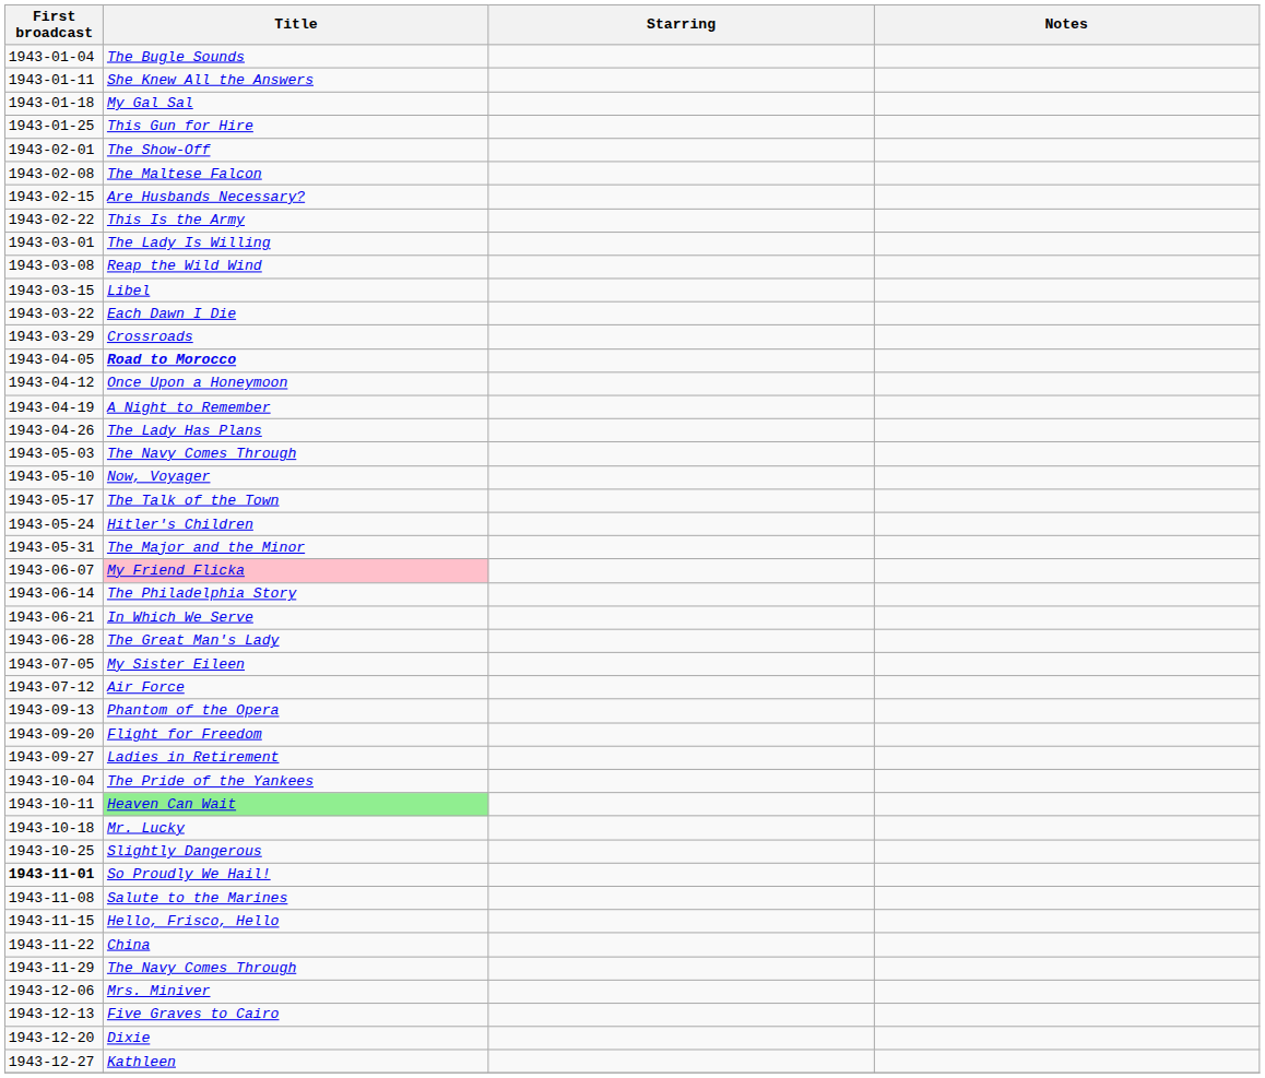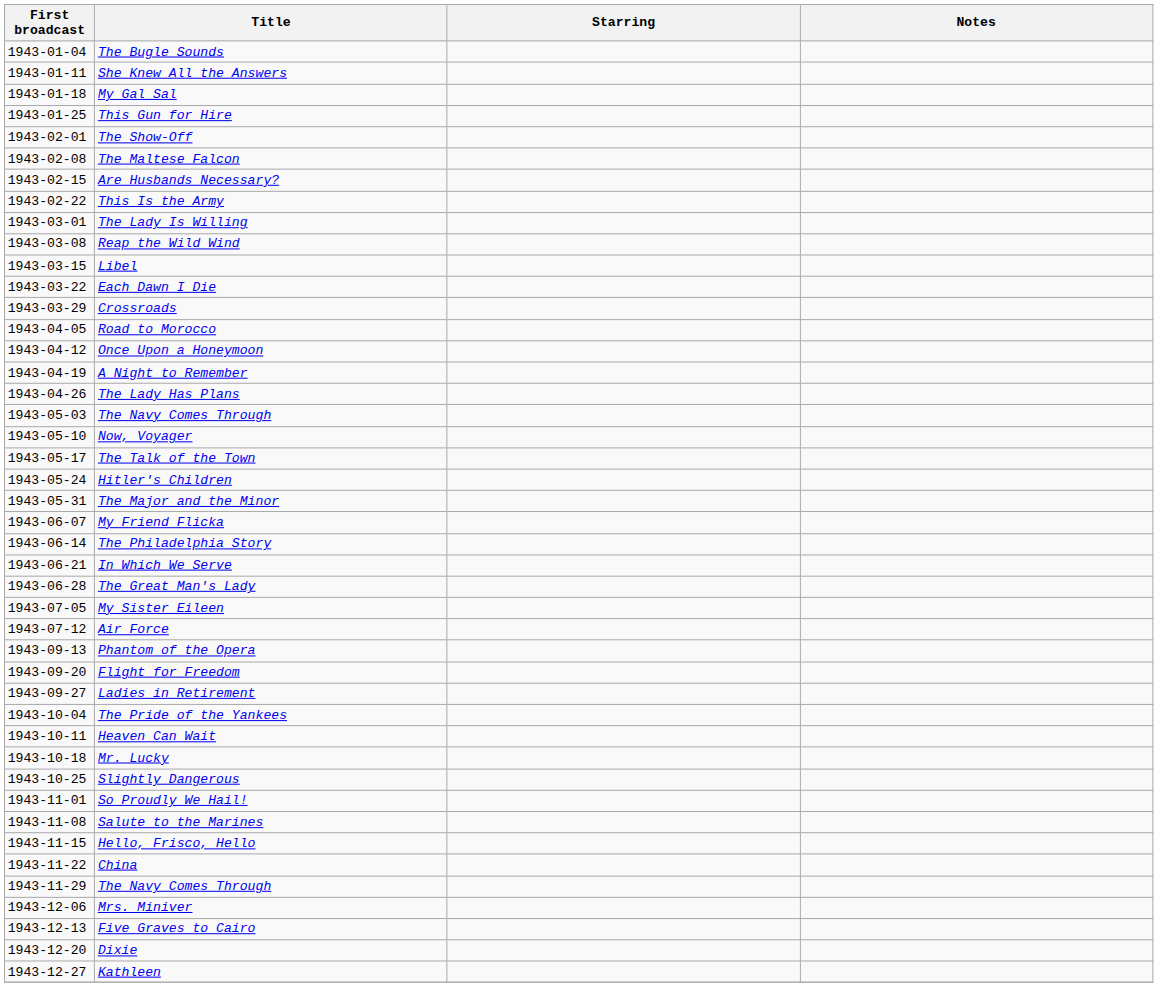 <table class="wikitable sortable plainrowheaders" width=90%>
 <tr>
 <th width=5% scope="col">First broadcast</th>
 <th width=25% scope="col">Title</th>
 <th width=25% scope="col">Starring</th>
 <th width=25% scope="col">Notes</th>
 </tr>
 <tr>
 <td rowspan=>1943-01-04</td>
 <td scope="row"><em><a href='#'>The Bugle Sounds</a></em></td>
 <td></td>
 <td></td>
 </tr>
 <tr>
 <td rowspan=>1943-01-11</td>
 <td scope="row"><em><a href='#'>She Knew All the Answers</a></em></td>
 <td></td>
 <td></td>
 </tr>
 <tr>
 <td rowspan=>1943-01-18</td>
 <td scope="row"><em><a href='#'>My Gal Sal</a></em></td>
 <td></td>
 <td></td>
 </tr>
 <tr>
 <td rowspan=>1943-01-25</td>
 <td scope="row"><em><a href='#'>This Gun for Hire</a></em></td>
 <td></td>
 <td></td>
 </tr>
 <tr>
 <td rowspan=>1943-02-01</td>
 <td scope="row"><em><a href='#'>The Show-Off</a></em></td>
 <td></td>
 <td></td>
 </tr>
 <tr>
 <td rowspan=>1943-02-08</td>
 <td scope="row"><em><a href='#'>The Maltese Falcon</a></em></td>
 <td></td>
 <td></td>
 </tr>
 <tr>
 <td rowspan=>1943-02-15</td>
 <td scope="row"><em><a href='#'>Are Husbands Necessary?</a></em></td>
 <td></td>
 <td></td>
 </tr>
 <tr>
 <td rowspan=>1943-02-22</td>
 <td scope="row"><em><a href='#'>This Is the Army</a></em></td>
 <td></td>
 <td></td>
 </tr>
 <tr>
 <td rowspan=>1943-03-01</td>
 <td scope="row"><em><a href='#'>The Lady Is Willing</a></em></td>
 <td></td>
 <td></td>
 </tr>
 <tr>
 <td rowspan=>1943-03-08</td>
 <td scope="row"><em><a href='#'>Reap the Wild Wind</a></em></td>
 <td></td>
 <td></td>
 </tr>
 <tr>
 <td rowspan=>1943-03-15</td>
 <td scope="row"><em><a href='#'>Libel</a></em></td>
 <td></td>
 <td></td>
 </tr>
 <tr>
 <td rowspan=>1943-03-22</td>
 <td scope="row"><em><a href='#'>Each Dawn I Die</a></em></td>
 <td></td>
 <td></td>
 </tr>
 <tr>
 <td rowspan=>1943-03-29</td>
 <td scope="row"><em><a href='#'>Crossroads</a></em></td>
 <td></td>
 <td></td>
 </tr>
 <tr>
 <td rowspan=>1943-04-05</td>
-<td scope="row"><strong><em><a href='#'>Road to Morocco</a></em></strong></td>
+<td scope="row"><em><a href='#'>Road to Morocco</a></em></td>
 <td></td>
 <td></td>
 </tr>
 <tr>
 <td rowspan=>1943-04-12</td>
 <td scope="row"><em><a href='#'>Once Upon a Honeymoon</a></em></td>
 <td></td>
 <td></td>
 </tr>
 <tr>
 <td rowspan=>1943-04-19</td>
 <td scope="row"><em><a href='#'>A Night to Remember</a></em></td>
 <td></td>
 <td></td>
 </tr>
 <tr>
 <td rowspan=>1943-04-26</td>
 <td scope="row"><em><a href='#'>The Lady Has Plans</a></em></td>
 <td></td>
 <td></td>
 </tr>
 <tr>
 <td rowspan=>1943-05-03</td>
 <td scope="row"><em><a href='#'>The Navy Comes Through</a></em></td>
 <td></td>
 <td></td>
 </tr>
 <tr>
 <td rowspan=>1943-05-10</td>
 <td scope="row"><em><a href='#'>Now, Voyager</a></em></td>
 <td></td>
 <td></td>
 </tr>
 <tr>
 <td rowspan=>1943-05-17</td>
 <td scope="row"><em><a href='#'>The Talk of the Town</a></em></td>
 <td></td>
 <td></td>
 </tr>
 <tr>
 <td rowspan=>1943-05-24</td>
 <td scope="row"><em><a href='#'>Hitler's Children</a></em></td>
 <td></td>
 <td></td>
 </tr>
 <tr>
 <td rowspan=>1943-05-31</td>
 <td scope="row"><em><a href='#'>The Major and the Minor</a></em></td>
 <td></td>
 <td></td>
 </tr>
 <tr>
 <td rowspan=>1943-06-07</td>
-<td scope="row" style="background: pink;"><em><a href='#'>My Friend Flicka</a></em></td>
+<td scope="row"><em><a href='#'>My Friend Flicka</a></em></td>
 <td></td>
 <td></td>
 </tr>
 <tr>
 <td rowspan=>1943-06-14</td>
 <td scope="row"><em><a href='#'>The Philadelphia Story</a></em></td>
 <td></td>
 <td></td>
 </tr>
 <tr>
 <td rowspan=>1943-06-21</td>
 <td scope="row"><em><a href='#'>In Which We Serve</a></em></td>
 <td></td>
 <td></td>
 </tr>
 <tr>
 <td rowspan=>1943-06-28</td>
 <td scope="row"><em><a href='#'>The Great Man's Lady</a></em></td>
 <td></td>
 <td></td>
 </tr>
 <tr>
 <td rowspan=>1943-07-05</td>
 <td scope="row"><em><a href='#'>My Sister Eileen</a></em></td>
 <td></td>
 <td></td>
 </tr>
 <tr>
 <td rowspan=>1943-07-12</td>
 <td scope="row"><em><a href='#'>Air Force</a></em></td>
 <td></td>
 <td></td>
 </tr>
 <tr>
 <td rowspan=>1943-09-13</td>
 <td scope="row"><em><a href='#'>Phantom of the Opera</a></em></td>
 <td></td>
 <td></td>
 </tr>
 <tr>
 <td rowspan=>1943-09-20</td>
 <td scope="row"><em><a href='#'>Flight for Freedom</a></em></td>
 <td></td>
 <td></td>
 </tr>
 <tr>
 <td rowspan=>1943-09-27</td>
 <td scope="row"><em><a href='#'>Ladies in Retirement</a></em></td>
 <td></td>
 <td></td>
 </tr>
 <tr>
 <td rowspan=>1943-10-04</td>
 <td scope="row"><em><a href='#'>The Pride of the Yankees</a></em></td>
 <td></td>
 <td></td>
 </tr>
 <tr>
 <td rowspan=>1943-10-11</td>
-<td scope="row" style="background: lightgreen;"><em><a href='#'>Heaven Can Wait</a></em></td>
+<td scope="row"><em><a href='#'>Heaven Can Wait</a></em></td>
 <td></td>
 <td></td>
 </tr>
 <tr>
 <td rowspan=>1943-10-18</td>
 <td scope="row"><em><a href='#'>Mr. Lucky</a></em></td>
 <td></td>
 <td></td>
 </tr>
 <tr>
 <td rowspan=>1943-10-25</td>
 <td scope="row"><em><a href='#'>Slightly Dangerous</a></em></td>
 <td></td>
 <td></td>
 </tr>
 <tr>
-<td rowspan=><strong>1943-11-01</strong></td>
+<td rowspan=>1943-11-01</td>
 <td scope="row"><em><a href='#'>So Proudly We Hail!</a></em></td>
 <td></td>
 <td></td>
 </tr>
 <tr>
 <td rowspan=>1943-11-08</td>
 <td scope="row"><em><a href='#'>Salute to the Marines</a></em></td>
 <td></td>
 <td></td>
 </tr>
 <tr>
 <td rowspan=>1943-11-15</td>
 <td scope="row"><em><a href='#'>Hello, Frisco, Hello</a></em></td>
 <td></td>
 <td></td>
 </tr>
 <tr>
 <td rowspan=>1943-11-22</td>
 <td scope="row"><em><a href='#'>China</a></em></td>
 <td></td>
 <td></td>
 </tr>
 <tr>
 <td rowspan=>1943-11-29</td>
 <td scope="row"><em><a href='#'>The Navy Comes Through</a></em></td>
 <td></td>
 <td></td>
 </tr>
 <tr>
 <td rowspan=>1943-12-06</td>
 <td scope="row"><em><a href='#'>Mrs. Miniver</a></em></td>
 <td></td>
 <td></td>
 </tr>
 <tr>
 <td rowspan=>1943-12-13</td>
 <td scope="row"><em><a href='#'>Five Graves to Cairo</a></em></td>
 <td></td>
 <td></td>
 </tr>
 <tr>
 <td rowspan=>1943-12-20</td>
 <td scope="row"><em><a href='#'>Dixie</a></em></td>
 <td></td>
 <td></td>
 </tr>
 <tr>
 <td rowspan=>1943-12-27</td>
 <td scope="row"><em><a href='#'>Kathleen</a></em></td>
 <td></td>
 <td></td>
 </tr>
 <tr>
 </tr>
 </table>
